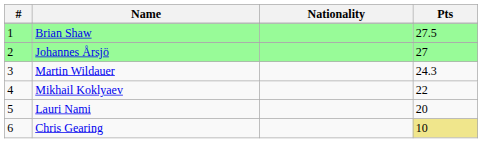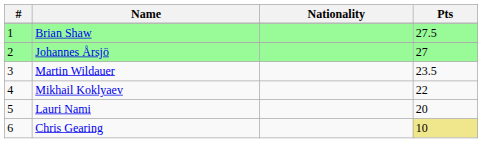 <table class="wikitable" style="display: inline-table; width: 50%;">
 <tr>
 <th>#</th>
 <th>Name</th>
 <th>Nationality</th>
 <th>Pts</th>
 </tr>
 <tr>
 </tr>
 <tr style="background:palegreen;">
 <td>1</td>
 <td><a href='#'>Brian Shaw</a></td>
 <td></td>
 <td>27.5</td>
 </tr>
 <tr>
 </tr>
 <tr style="background:palegreen;">
 <td>2</td>
 <td><a href='#'>Johannes Årsjö</a></td>
 <td></td>
 <td>27</td>
 </tr>
 <tr>
 <td>3</td>
 <td><a href='#'>Martin Wildauer</a></td>
 <td></td>
-<td>24.3</td>
+<td>23.5</td>
 </tr>
 <tr>
 <td>4</td>
 <td><a href='#'>Mikhail Koklyaev</a></td>
 <td></td>
 <td>22</td>
 </tr>
 <tr>
 <td>5</td>
 <td><a href='#'>Lauri Nami</a></td>
 <td></td>
 <td>20</td>
 </tr>
 <tr>
 <td>6</td>
 <td><a href='#'>Chris Gearing</a></td>
 <td></td>
 <td style="background: khaki;">10</td>
 </tr>
 </table>
